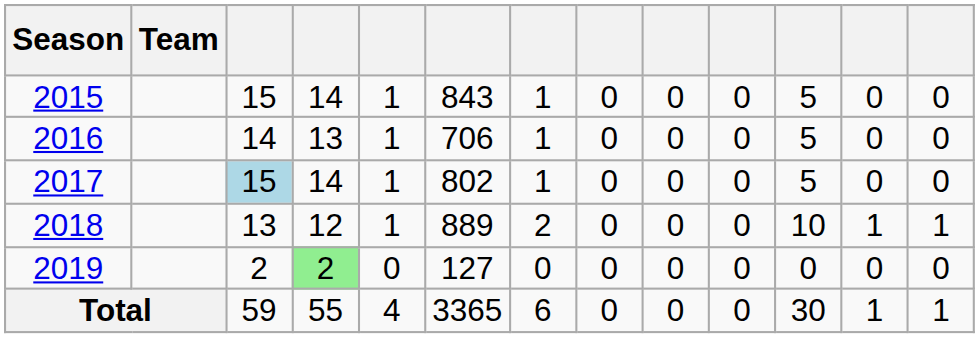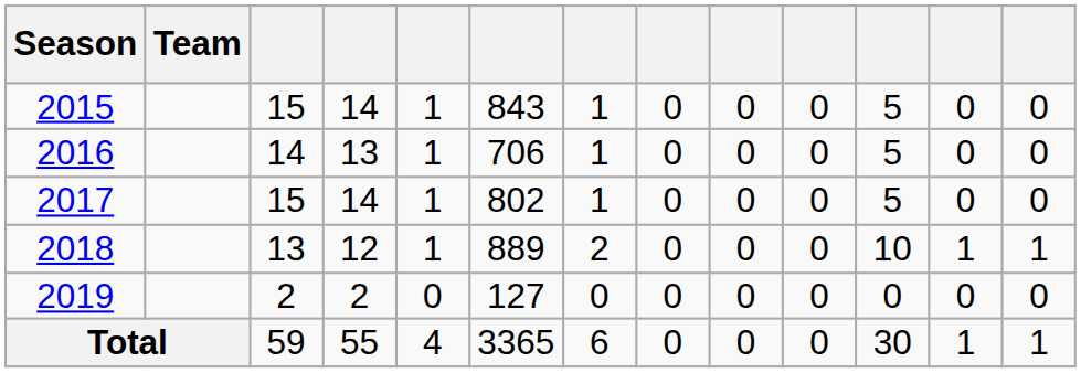 <table class="wikitable" style="text-align:center; line-height:90%; font-size:95%;">
 <tr style="line-height:175%;">
 <th>Season</th>
 <th>Team</th>
 <th style="width:25px;"></th>
 <th style="width:25px;"></th>
 <th style="width:25px;"></th>
 <th style="width:25px;"></th>
 <th style="width:25px;"></th>
 <th style="width:25px;"></th>
 <th style="width:25px;"></th>
 <th style="width:25px;"></th>
 <th style="width:25px;"></th>
 <th style="width:25px;"></th>
 <th style="width:25px;"></th>
 </tr>
 <tr>
 <td><a href='#'>2015</a></td>
 <td></td>
 <td>15</td>
 <td>14</td>
 <td>1</td>
 <td>843</td>
 <td>1</td>
 <td>0</td>
 <td>0</td>
 <td>0</td>
 <td>5</td>
 <td>0</td>
 <td>0</td>
 </tr>
 <tr>
 <td><a href='#'>2016</a></td>
 <td></td>
 <td>14</td>
 <td>13</td>
 <td>1</td>
 <td>706</td>
 <td>1</td>
 <td>0</td>
 <td>0</td>
 <td>0</td>
 <td>5</td>
 <td>0</td>
 <td>0</td>
 </tr>
 <tr>
 <td><a href='#'>2017</a></td>
 <td></td>
-<td style="background: lightblue;">15</td>
+<td>15</td>
 <td>14</td>
 <td>1</td>
 <td>802</td>
 <td>1</td>
 <td>0</td>
 <td>0</td>
 <td>0</td>
 <td>5</td>
 <td>0</td>
 <td>0</td>
 </tr>
 <tr>
 <td><a href='#'>2018</a></td>
 <td></td>
 <td>13</td>
 <td>12</td>
 <td>1</td>
 <td>889</td>
 <td>2</td>
 <td>0</td>
 <td>0</td>
 <td>0</td>
 <td>10</td>
 <td>1</td>
 <td>1</td>
 </tr>
 <tr>
 <td><a href='#'>2019</a></td>
 <td></td>
 <td>2</td>
-<td style="background: lightgreen;">2</td>
+<td>2</td>
 <td>0</td>
 <td>127</td>
 <td>0</td>
 <td>0</td>
 <td>0</td>
 <td>0</td>
 <td>0</td>
 <td>0</td>
 <td>0</td>
 </tr>
 <tr>
 <th colspan="2">Total</th>
 <td>59</td>
 <td>55</td>
 <td>4</td>
 <td>3365</td>
 <td>6</td>
 <td>0</td>
 <td>0</td>
 <td>0</td>
 <td>30</td>
 <td>1</td>
 <td>1</td>
 </tr>
 </table>
